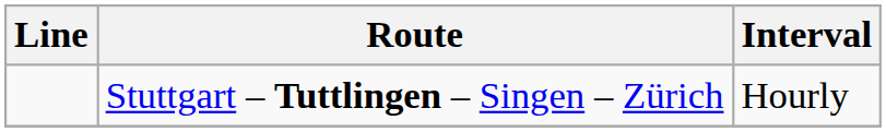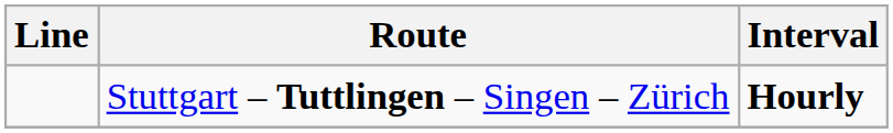 <table class="wikitable">
 <tr>
 <th>Line</th>
 <th>Route</th>
 <th>Interval</th>
 </tr>
 <tr>
 <td></td>
 <td><a href='#'>Stuttgart</a> – <strong>Tuttlingen</strong> – <a href='#'>Singen</a> – <a href='#'>Zürich</a></td>
-<td>Hourly</td>
+<td><strong>Hourly</strong></td>
 </tr>
 <tr>
 </tr>
 </table>
